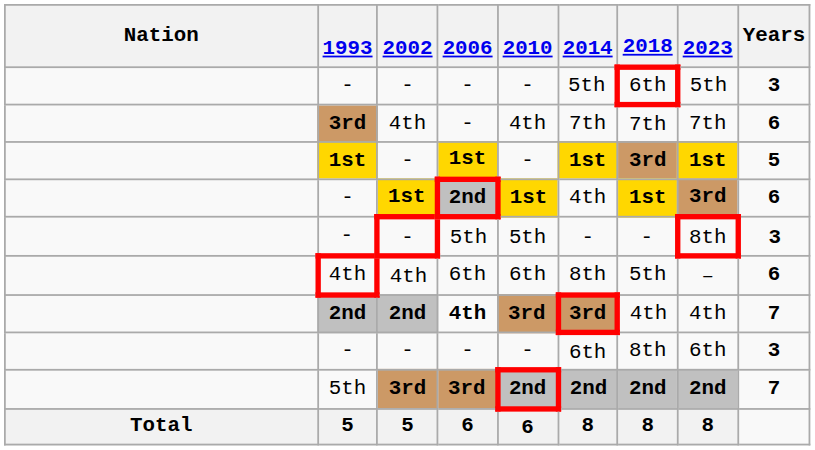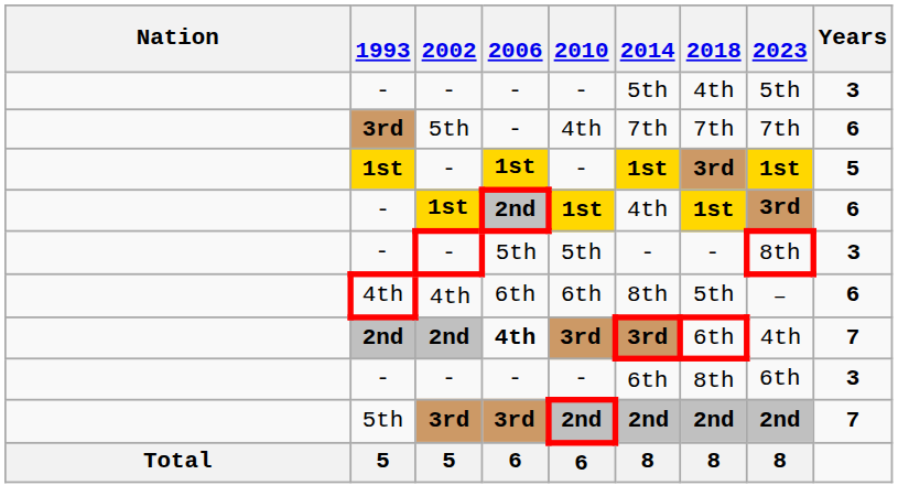 <table class="wikitable" style="text-align:center; font-size:90%">
 <tr>
 <th width=170>Nation</th>
 <th><br><a href='#'>1993</a></th>
 <th><br><a href='#'>2002</a></th>
 <th><br><a href='#'>2006</a></th>
 <th><br><a href='#'>2010</a></th>
 <th><br><a href='#'>2014</a></th>
 <th><br><a href='#'>2018</a></th>
 <th><br><a href='#'>2023</a></th>
 <th>Years</th>
 </tr>
 <tr>
 <td align=left></td>
 <td>-</td>
 <td>-</td>
 <td>-</td>
 <td>-</td>
 <td>5th</td>
-<td style="border:3px solid red">6th</td>
+<td>4th</td>
 <td>5th</td>
 <td><strong>3</strong></td>
 </tr>
 <tr>
 <td align=left></td>
 <td bgcolor=#cc9966><strong>3rd</strong></td>
-<td>4th</td>
+<td>5th</td>
 <td>-</td>
 <td>4th</td>
 <td>7th</td>
 <td>7th</td>
 <td>7th</td>
 <td><strong>6</strong></td>
 </tr>
 <tr>
 <td align=left></td>
 <td bgcolor=gold><strong>1st</strong></td>
 <td>-</td>
 <td bgcolor=gold><strong>1st</strong></td>
 <td>-</td>
 <td bgcolor=gold><strong>1st</strong></td>
 <td bgcolor=#cc9966><strong>3rd</strong></td>
 <td bgcolor=gold><strong>1st</strong></td>
 <td><strong>5</strong></td>
 </tr>
 <tr>
 <td align=left></td>
 <td>-</td>
 <td bgcolor=gold><strong>1st</strong></td>
 <td bgcolor=silver style="border:3px solid red"><strong>2nd</strong></td>
 <td bgcolor=gold><strong>1st</strong></td>
 <td>4th</td>
 <td bgcolor=gold><strong>1st</strong></td>
 <td bgcolor=#cc9966><strong>3rd</strong></td>
 <td><strong>6</strong></td>
 </tr>
 <tr>
 <td align=left></td>
 <td>-</td>
 <td style="border:3px solid red">-</td>
 <td>5th</td>
 <td>5th</td>
 <td>-</td>
 <td>-</td>
 <td style="border:3px solid red">8th</td>
 <td><strong>3</strong></td>
 </tr>
 <tr>
 <td align=left></td>
 <td style="border:3px solid red">4th</td>
 <td>4th</td>
 <td>6th</td>
 <td>6th</td>
 <td>8th</td>
 <td>5th</td>
 <td>–</td>
 <td><strong>6</strong></td>
 </tr>
 <tr>
 <td align=left></td>
 <td bgcolor=silver><strong>2nd</strong></td>
 <td bgcolor=silver><strong>2nd</strong></td>
 <td><strong>4th</strong></td>
 <td bgcolor=#cc9966><strong>3rd</strong></td>
 <td bgcolor=#cc9966 style="border:3px solid red"><strong>3rd</strong></td>
-<td>4th</td>
+<td style="border:3px solid red">6th</td>
 <td>4th</td>
 <td><strong>7</strong></td>
 </tr>
 <tr>
 <td align=left></td>
 <td>-</td>
 <td>-</td>
 <td>-</td>
 <td>-</td>
 <td>6th</td>
 <td>8th</td>
 <td>6th</td>
 <td><strong>3</strong></td>
 </tr>
 <tr>
 <td align=left></td>
 <td>5th</td>
 <td bgcolor=#cc9966><strong>3rd</strong></td>
 <td bgcolor=#cc9966><strong>3rd</strong></td>
 <td bgcolor=silver style="border:3px solid red"><strong>2nd</strong></td>
 <td bgcolor=silver><strong>2nd</strong></td>
 <td bgcolor=silver><strong>2nd</strong></td>
 <td bgcolor=silver><strong>2nd</strong></td>
 <td><strong>7</strong></td>
 </tr>
 <tr>
 <th>Total</th>
 <th>5</th>
 <th>5</th>
 <th>6</th>
 <th>6</th>
 <th>8</th>
 <th>8</th>
 <th>8</th>
 </tr>
 </table>
